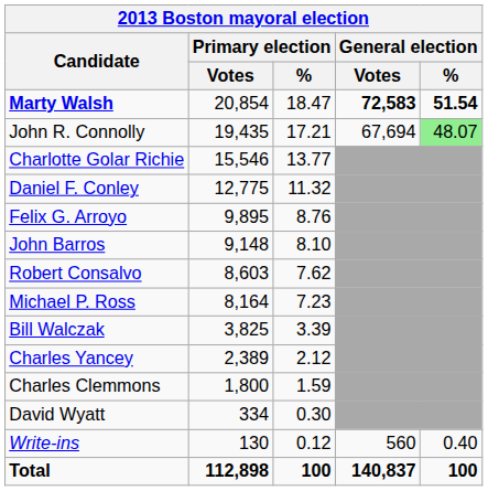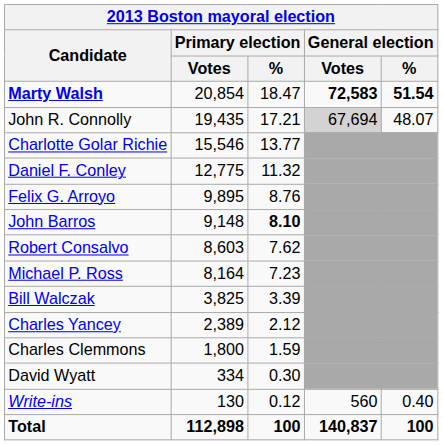 <table class=wikitable>
 <tr>
 <th colspan=5><a href='#'>2013 Boston mayoral election</a></th>
 </tr>
 <tr>
 <th colspan=1 rowspan=2>Candidate</th>
 <th colspan=2><strong>Primary election</strong></th>
 <th colspan=2><strong>General election</strong></th>
 </tr>
 <tr>
 <th>Votes</th>
 <th>%</th>
 <th>Votes</th>
 <th>%</th>
 </tr>
 <tr>
 <td><strong><a href='#'>Marty Walsh</a></strong></td>
 <td align="right">20,854</td>
 <td align="right">18.47</td>
 <td align="right"><strong>72,583</strong></td>
 <td align="right"><strong>51.54</strong></td>
 </tr>
 <tr>
 <td>John R. Connolly</td>
 <td align="right">19,435</td>
 <td align="right">17.21</td>
-<td align="right">67,694</td>
-<td align="right" style="background: lightgreen;">48.07</td>
+<td align="right" style="background: lightgrey;">67,694</td>
+<td align="right">48.07</td>
 </tr>
 <tr>
 <td><a href='#'>Charlotte Golar Richie</a></td>
 <td align="right">15,546</td>
 <td align="right">13.77</td>
 <td colspan=2 bgcolor=darkgray> </td>
 </tr>
 <tr>
 <td><a href='#'>Daniel F. Conley</a></td>
 <td align="right">12,775</td>
 <td align="right">11.32</td>
 <td colspan=2 bgcolor=darkgray> </td>
 </tr>
 <tr>
 <td><a href='#'>Felix G. Arroyo</a></td>
 <td align="right">9,895</td>
 <td align="right">8.76</td>
 <td colspan=2 bgcolor=darkgray> </td>
 </tr>
 <tr>
 <td><a href='#'>John Barros</a></td>
 <td align="right">9,148</td>
-<td align="right">8.10</td>
+<td align="right"><strong>8.10</strong></td>
 <td colspan=2 bgcolor=darkgray> </td>
 </tr>
 <tr>
 <td><a href='#'>Robert Consalvo</a></td>
 <td align="right">8,603</td>
 <td align="right">7.62</td>
 <td colspan=2 bgcolor=darkgray> </td>
 </tr>
 <tr>
 <td><a href='#'>Michael P. Ross</a></td>
 <td align="right">8,164</td>
 <td align="right">7.23</td>
 <td colspan=2 bgcolor=darkgray> </td>
 </tr>
 <tr>
 <td><a href='#'>Bill Walczak</a></td>
 <td align="right">3,825</td>
 <td align="right">3.39</td>
 <td colspan=2 bgcolor=darkgray> </td>
 </tr>
 <tr>
 <td><a href='#'>Charles Yancey</a></td>
 <td align="right">2,389</td>
 <td align="right">2.12</td>
 <td colspan=2 bgcolor=darkgray> </td>
 </tr>
 <tr>
 <td>Charles Clemmons</td>
 <td align="right">1,800</td>
 <td align="right">1.59</td>
 <td colspan=2 bgcolor=darkgray> </td>
 </tr>
 <tr>
 <td>David Wyatt</td>
 <td align="right">334</td>
 <td align="right">0.30</td>
 <td colspan=2 bgcolor=darkgray> </td>
 </tr>
 <tr>
 <td><em><a href='#'>Write-ins</a></em></td>
 <td align="right">130</td>
 <td align="right">0.12</td>
 <td align="right">560</td>
 <td align="right">0.40</td>
 </tr>
 <tr>
 <td><strong>Total</strong></td>
 <td align="right"><strong>112,898</strong></td>
 <td align="right"><strong>100</strong></td>
 <td align="right"><strong>140,837</strong></td>
 <td align="right"><strong>100</strong></td>
 </tr>
 </table>
